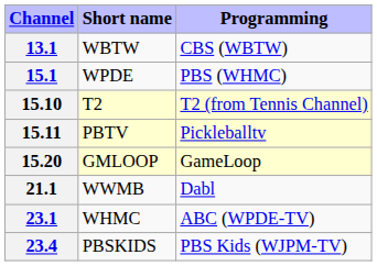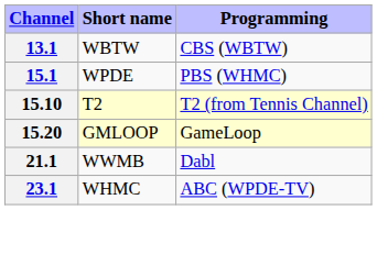 <table class="wikitable">
 <tr>
 <th style="background-color: #bdbdff" scope="col"><a href='#'>Channel</a></th>
 <th style="background-color: #bdbdff" scope="col">Short name</th>
 <th style="background-color: #bdbdff" scope="col">Programming</th>
 </tr>
 <tr>
 <th scope="row"><a href='#'>13.1</a></th>
 <td>WBTW</td>
 <td><a href='#'>CBS</a> (<a href='#'>WBTW</a>)</td>
 </tr>
 <tr>
 <th scope="row"><a href='#'>15.1</a></th>
 <td>WPDE</td>
 <td><a href='#'>PBS</a> (<a href='#'>WHMC</a>)</td>
 </tr>
 <tr>
 <th scope="row">15.10</th>
 <td style="background-color:#ffffd0">T2</td>
 <td style="background-color:#ffffd0"><a href='#'>T2 (from Tennis Channel)</a></td>
 </tr>
 <tr>
-<th scope="row">15.11</th>
-<td style="background-color:#ffffd0">PBTV</td>
-<td style="background-color:#ffffd0"><a href='#'>Pickleballtv</a></td>
-</tr>
-<tr>
 <th scope="row">15.20</th>
 <td style="background-color:#ffffd0">GMLOOP</td>
 <td style="background-color:#ffffd0">GameLoop</td>
 </tr>
 <tr>
 <th scope="row">21.1</th>
 <td>WWMB</td>
 <td><a href='#'>Dabl</a></td>
 </tr>
 <tr>
 <th scope="row"><a href='#'>23.1</a></th>
 <td>WHMC</td>
 <td><a href='#'>ABC</a> (<a href='#'>WPDE-TV</a>)</td>
 </tr>
-<tr>
-<th scope="row"><a href='#'>23.4</a></th>
-<td>PBSKIDS</td>
-<td><a href='#'>PBS Kids</a> (<a href='#'>WJPM-TV</a>)</td>
-</tr>
 </table>
